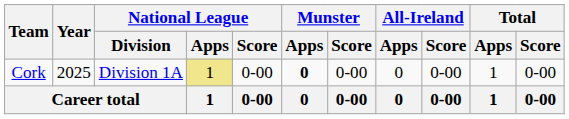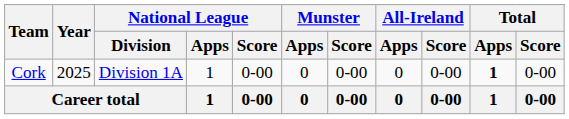 <table class="wikitable" style="text-align:center">
 <tr>
 <th rowspan="2">Team</th>
 <th rowspan="2">Year</th>
 <th colspan="3"><a href='#'>National League</a></th>
 <th colspan="2"><a href='#'>Munster</a></th>
 <th colspan="2"><a href='#'>All-Ireland</a></th>
 <th colspan="2">Total</th>
 </tr>
 <tr>
 <th>Division</th>
 <th>Apps</th>
 <th>Score</th>
 <th>Apps</th>
 <th>Score</th>
 <th>Apps</th>
 <th>Score</th>
 <th>Apps</th>
 <th>Score</th>
 </tr>
 <tr>
 <td rowspan="1"><a href='#'>Cork</a></td>
 <td>2025</td>
 <td rowspan="1"><a href='#'>Division 1A</a></td>
-<td style="background: khaki;">1</td>
-<td>0-00</td>
-<td><strong>0</strong></td>
+<td>1</td>
 <td>0-00</td>
 <td>0</td>
 <td>0-00</td>
-<td>1</td>
+<td>0</td>
+<td>0-00</td>
+<td><strong>1</strong></td>
 <td>0-00</td>
 </tr>
 <tr>
 <th colspan="3">Career total</th>
 <th>1</th>
 <th>0-00</th>
 <th>0</th>
 <th>0-00</th>
 <th>0</th>
 <th>0-00</th>
 <th>1</th>
 <th>0-00</th>
 </tr>
 </table>
